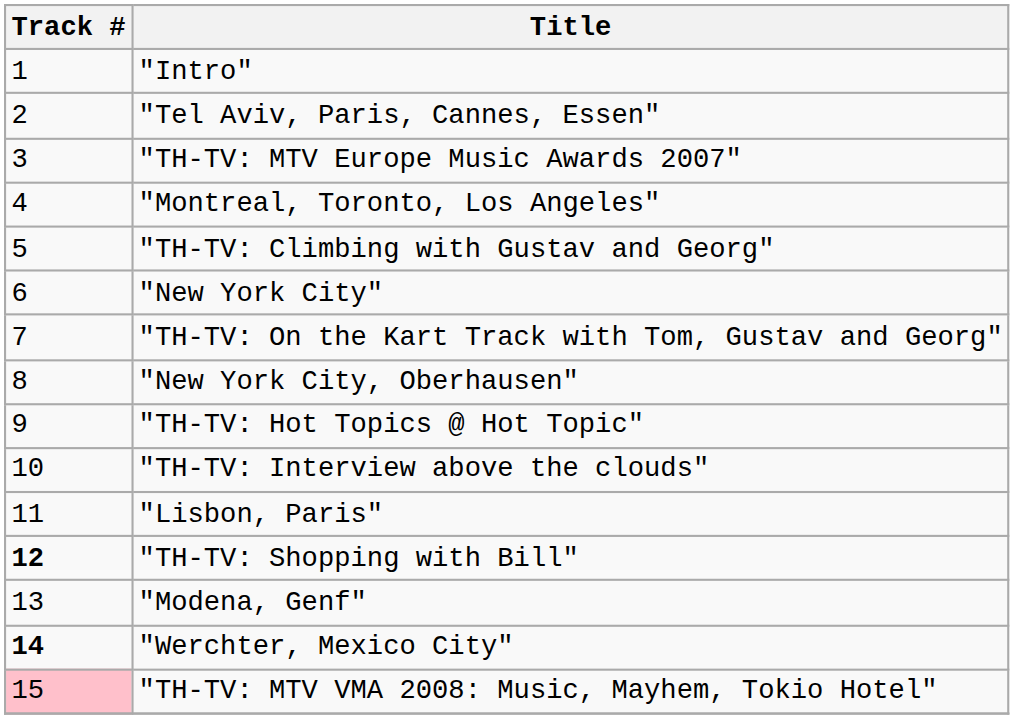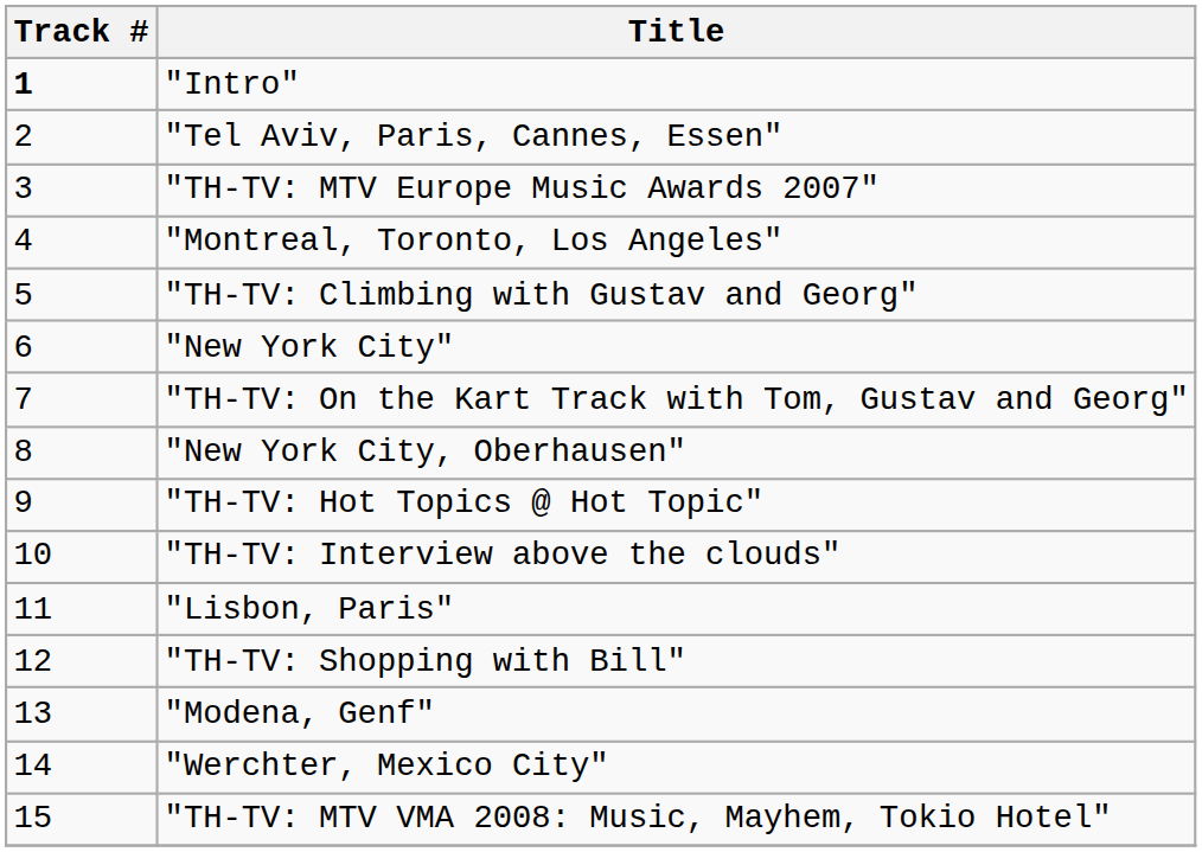 <table class="wikitable">
 <tr>
 <th>Track #</th>
 <th>Title</th>
 </tr>
 <tr>
-<td>1</td>
+<td><strong>1</strong></td>
 <td>"Intro"</td>
 </tr>
 <tr>
 <td>2</td>
 <td>"Tel Aviv, Paris, Cannes, Essen"</td>
 </tr>
 <tr>
 <td>3</td>
 <td>"TH-TV: MTV Europe Music Awards 2007"</td>
 </tr>
 <tr>
 <td>4</td>
 <td>"Montreal, Toronto, Los Angeles"</td>
 </tr>
 <tr>
 <td>5</td>
 <td>"TH-TV: Climbing with Gustav and Georg"</td>
 </tr>
 <tr>
 <td>6</td>
 <td>"New York City"</td>
 </tr>
 <tr>
 <td>7</td>
 <td>"TH-TV: On the Kart Track with Tom, Gustav and Georg"</td>
 </tr>
 <tr>
 <td>8</td>
 <td>"New York City, Oberhausen"</td>
 </tr>
 <tr>
 <td>9</td>
 <td>"TH-TV: Hot Topics @ Hot Topic"</td>
 </tr>
 <tr>
 <td>10</td>
 <td>"TH-TV: Interview above the clouds"</td>
 </tr>
 <tr>
 <td>11</td>
 <td>"Lisbon, Paris"</td>
 </tr>
 <tr>
-<td><strong>12</strong></td>
+<td>12</td>
 <td>"TH-TV: Shopping with Bill"</td>
 </tr>
 <tr>
 <td>13</td>
 <td>"Modena, Genf"</td>
 </tr>
 <tr>
-<td><strong>14</strong></td>
+<td>14</td>
 <td>"Werchter, Mexico City"</td>
 </tr>
 <tr>
-<td style="background: pink;">15</td>
+<td>15</td>
 <td>"TH-TV: MTV VMA 2008: Music, Mayhem, Tokio Hotel"</td>
 </tr>
 <tr>
 </tr>
 </table>
